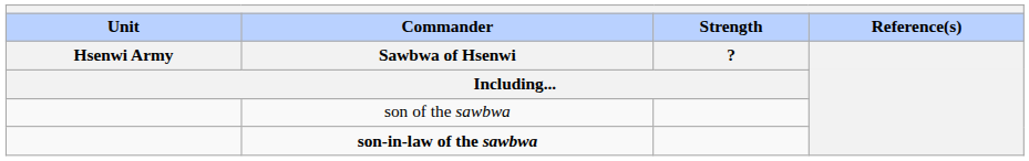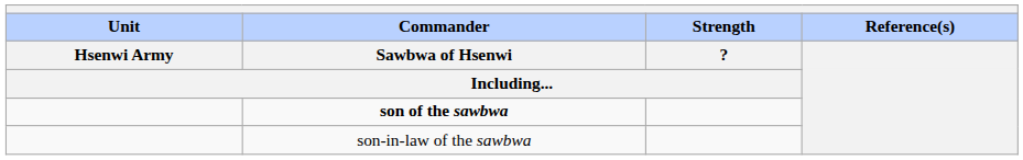 <table class="wikitable collapsible" style="min-width:60em; margin:0.3em auto; font-size:88%;">
 <tr>
 <th colspan=5></th>
 </tr>
 <tr>
 <th style="background-color:#B9D1FF">Unit</th>
 <th style="background-color:#B9D1FF">Commander</th>
 <th style="background-color:#B9D1FF">Strength</th>
 <th style="background-color:#B9D1FF">Reference(s)</th>
 </tr>
 <tr>
 <th colspan="1">Hsenwi Army</th>
 <th colspan="1">Sawbwa of Hsenwi</th>
 <th colspan="1">?</th>
 <th rowspan="4"></th>
 </tr>
 <tr>
 <th colspan="4">Including...</th>
 </tr>
 <tr>
 <td align="center"></td>
-<td align="center">son of the <em>sawbwa</em></td>
+<td align="center"><strong>son of the <em>sawbwa</em></strong></td>
 <td align="center"></td>
 </tr>
 <tr>
 <td align="center"></td>
-<td align="center"><strong>son-in-law of the <em>sawbwa</em></strong></td>
+<td align="center">son-in-law of the <em>sawbwa</em></td>
 <td align="center"></td>
 </tr>
 </table>
